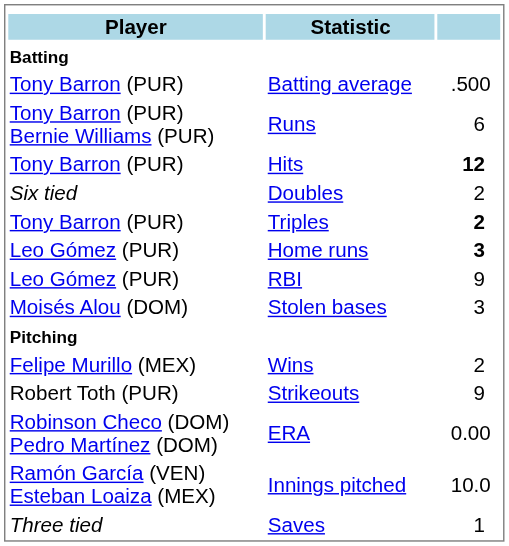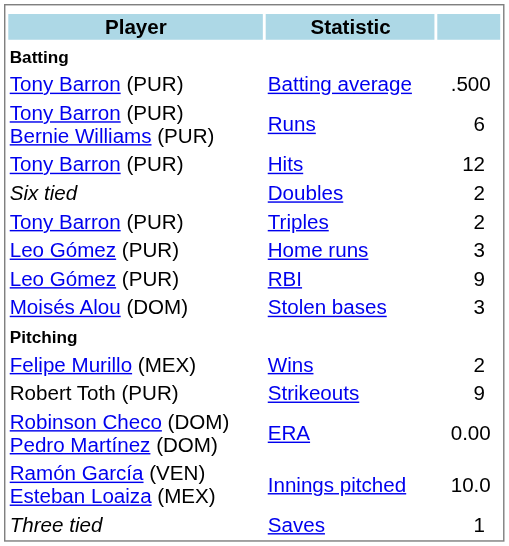 <table cellpadding="1" width="350px" style="font-size: 90%; border: 1px solid gray;">
 <tr align="center" style="font-size: larger;">
 <td colspan=6></td>
 </tr>
 <tr>
 <th style="background:lightblue;">Player</th>
 <th style="background:lightblue;">Statistic</th>
 <th style="background:lightblue;"></th>
 </tr>
 <tr>
 <td><small><strong>Batting</strong></small></td>
 </tr>
 <tr>
 <td><a href='#'>Tony Barron</a> (PUR)</td>
 <td><a href='#'>Batting average</a></td>
 <td>  .500</td>
 </tr>
 <tr>
 <td><a href='#'>Tony Barron</a> (PUR)<br><a href='#'>Bernie Williams</a> (PUR)</td>
 <td><a href='#'>Runs</a></td>
 <td>      6</td>
 </tr>
 <tr>
 <td><a href='#'>Tony Barron</a> (PUR)</td>
 <td><a href='#'>Hits</a></td>
-<td><strong>    12</strong></td>
+<td>    12</td>
 </tr>
 <tr>
 <td><em>Six tied</em></td>
 <td><a href='#'>Doubles</a></td>
 <td>      2</td>
 </tr>
 <tr>
 <td><a href='#'>Tony Barron</a> (PUR)</td>
 <td><a href='#'>Triples</a></td>
-<td><strong>      2</strong></td>
+<td>      2</td>
 </tr>
 <tr>
 <td><a href='#'>Leo Gómez</a> (PUR)</td>
 <td><a href='#'>Home runs</a></td>
-<td><strong>      3</strong></td>
+<td>      3</td>
 </tr>
 <tr>
 <td><a href='#'>Leo Gómez</a> (PUR)</td>
 <td><a href='#'>RBI</a></td>
 <td>      9</td>
 </tr>
 <tr>
 <td><a href='#'>Moisés Alou</a> (DOM)</td>
 <td><a href='#'>Stolen bases</a></td>
 <td>      3</td>
 </tr>
 <tr>
 <td><small><strong>Pitching</strong></small></td>
 </tr>
 <tr>
 <td><a href='#'>Felipe Murillo</a> (MEX)</td>
 <td><a href='#'>Wins</a></td>
 <td>      2</td>
 </tr>
 <tr>
 <td>Robert Toth (PUR)</td>
 <td><a href='#'>Strikeouts</a></td>
 <td>      9</td>
 </tr>
 <tr>
 <td><a href='#'>Robinson Checo</a> (DOM)<br><a href='#'>Pedro Martínez</a> (DOM)</td>
 <td><a href='#'>ERA</a></td>
 <td>  0.00</td>
 </tr>
 <tr>
 <td><a href='#'>Ramón García</a> (VEN)<br><a href='#'>Esteban Loaiza</a> (MEX)</td>
 <td><a href='#'>Innings pitched</a></td>
 <td>  10.0</td>
 </tr>
 <tr>
 <td><em>Three tied</em></td>
 <td><a href='#'>Saves</a></td>
 <td>      1</td>
 </tr>
 </table>
